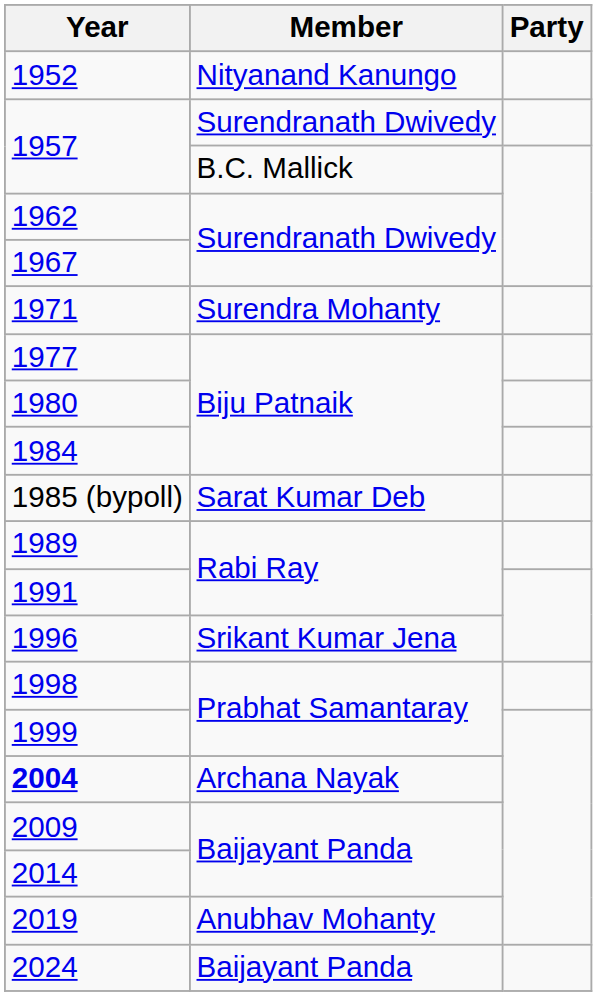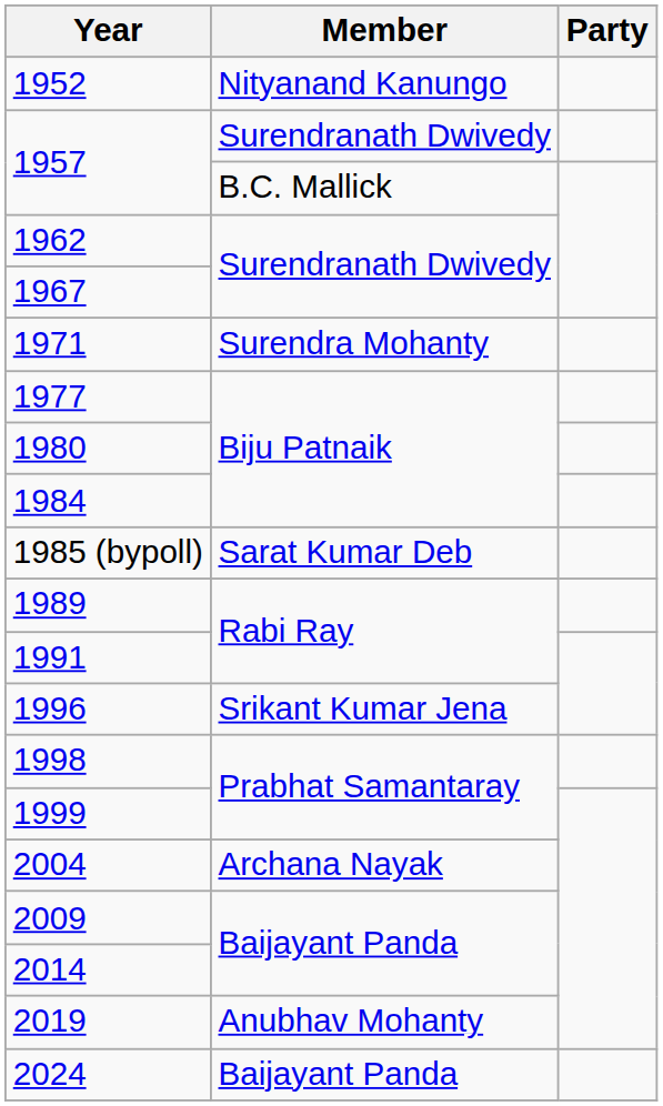 <table class="wikitable sortable">
 <tr>
 <th>Year</th>
 <th>Member</th>
 <th colspan="2">Party</th>
 </tr>
 <tr>
 <td><a href='#'>1952</a></td>
 <td><a href='#'>Nityanand Kanungo</a></td>
 <td></td>
 </tr>
 <tr>
 <td rowspan="2"><a href='#'>1957</a></td>
 <td><a href='#'>Surendranath Dwivedy</a></td>
 <td></td>
 </tr>
 <tr>
 <td>B.C. Mallick</td>
 </tr>
 <tr>
 <td><a href='#'>1962</a></td>
 <td rowspan="2"><a href='#'>Surendranath Dwivedy</a></td>
 </tr>
 <tr>
 <td><a href='#'>1967</a></td>
 </tr>
 <tr>
 <td><a href='#'>1971</a></td>
 <td><a href='#'>Surendra Mohanty</a></td>
 <td></td>
 </tr>
 <tr>
 <td><a href='#'>1977</a></td>
 <td rowspan="3"><a href='#'>Biju Patnaik</a></td>
 <td></td>
 </tr>
 <tr>
 <td><a href='#'>1980</a></td>
 <td></td>
 </tr>
 <tr>
 <td><a href='#'>1984</a></td>
 <td></td>
 </tr>
 <tr>
 <td>1985 (bypoll)</td>
 <td><a href='#'>Sarat Kumar Deb</a></td>
 </tr>
 <tr>
 <td><a href='#'>1989</a></td>
 <td rowspan="2"><a href='#'>Rabi Ray</a></td>
 <td></td>
 </tr>
 <tr>
 <td><a href='#'>1991</a></td>
 </tr>
 <tr>
 <td><a href='#'>1996</a></td>
 <td><a href='#'>Srikant Kumar Jena</a></td>
 </tr>
 <tr>
 <td><a href='#'>1998</a></td>
 <td rowspan="2"><a href='#'>Prabhat Samantaray</a></td>
 <td></td>
 </tr>
 <tr>
 <td><a href='#'>1999</a></td>
 </tr>
 <tr>
-<td><strong><a href='#'>2004</a></strong></td>
+<td><a href='#'>2004</a></td>
 <td><a href='#'>Archana Nayak</a></td>
 </tr>
 <tr>
 <td><a href='#'>2009</a></td>
 <td rowspan="2"><a href='#'>Baijayant Panda</a></td>
 </tr>
 <tr>
 <td><a href='#'>2014</a></td>
 </tr>
 <tr>
 <td><a href='#'>2019</a></td>
 <td><a href='#'>Anubhav Mohanty</a></td>
 </tr>
 <tr>
 <td><a href='#'>2024</a></td>
 <td><a href='#'>Baijayant Panda</a></td>
 <td></td>
 </tr>
 </table>
